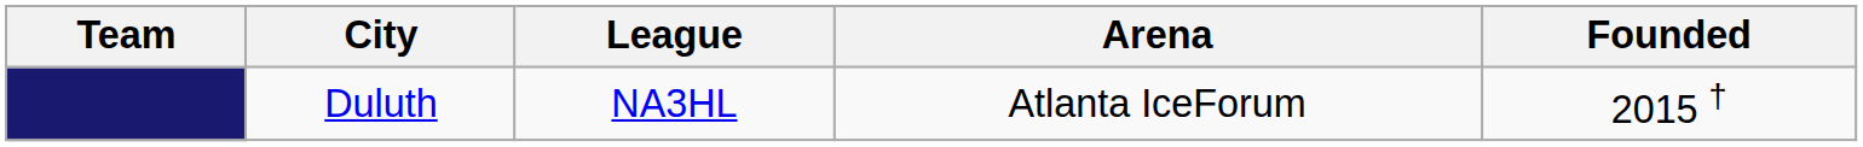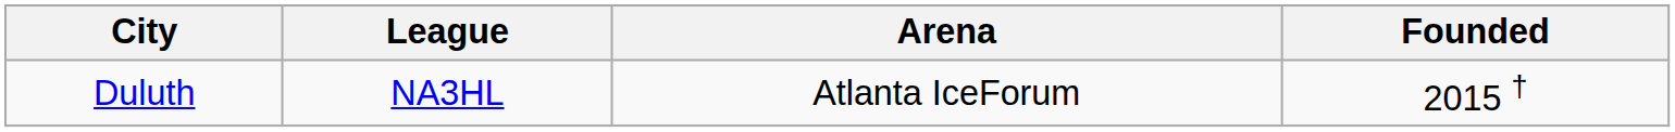 <table class="wikitable sortable" width="60%">
 <tr>
-<th>Team</th>
 <th>City</th>
 <th>League</th>
 <th>Arena</th>
 <th>Founded</th>
 </tr>
 <tr align=center>
-<td style="color:white; background:#191970; "><strong><a href='#'></a></strong></td>
 <td><a href='#'>Duluth</a></td>
 <td><a href='#'>NA3HL</a></td>
 <td>Atlanta IceForum</td>
 <td>2015 <sup>†</sup></td>
 </tr>
 </table>
